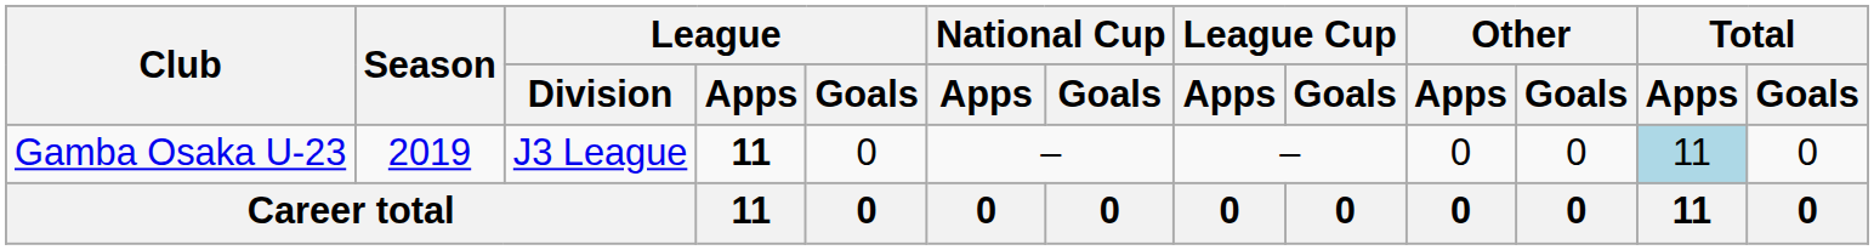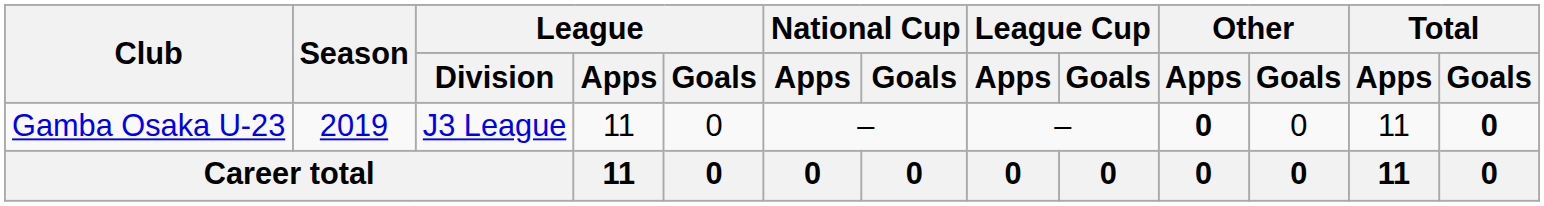 <table class="wikitable" style="text-align: center">
 <tr>
 <th rowspan="2">Club</th>
 <th rowspan="2">Season</th>
 <th colspan="3">League</th>
 <th colspan="2">National Cup</th>
 <th colspan="2">League Cup</th>
 <th colspan="2">Other</th>
 <th colspan="2">Total</th>
 </tr>
 <tr>
 <th>Division</th>
 <th>Apps</th>
 <th>Goals</th>
 <th>Apps</th>
 <th>Goals</th>
 <th>Apps</th>
 <th>Goals</th>
 <th>Apps</th>
 <th>Goals</th>
 <th>Apps</th>
 <th>Goals</th>
 </tr>
 <tr>
 <td><a href='#'>Gamba Osaka U-23</a></td>
 <td><a href='#'>2019</a></td>
 <td><a href='#'>J3 League</a></td>
-<td><strong>11</strong></td>
+<td>11</td>
 <td>0</td>
 <td colspan="2">–</td>
 <td colspan="2">–</td>
+<td><strong>0</strong></td>
 <td>0</td>
-<td>0</td>
-<td style="background: lightblue;">11</td>
-<td>0</td>
+<td>11</td>
+<td><strong>0</strong></td>
 </tr>
 <tr>
 <th colspan=3>Career total</th>
 <th>11</th>
 <th>0</th>
 <th>0</th>
 <th>0</th>
 <th>0</th>
 <th>0</th>
 <th>0</th>
 <th>0</th>
 <th>11</th>
 <th>0</th>
 </tr>
 </table>
